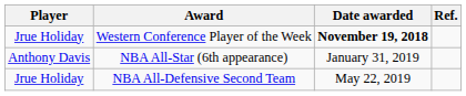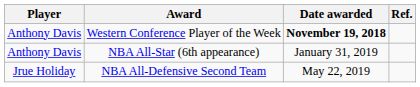 <table class="wikitable sortable sortable" style="text-align: center">
 <tr>
 <th>Player</th>
 <th>Award</th>
 <th>Date awarded</th>
 <th>Ref.</th>
 </tr>
 <tr>
-<td><a href='#'>Jrue Holiday</a></td>
+<td><a href='#'>Anthony Davis</a></td>
 <td><a href='#'>Western Conference</a> Player of the Week</td>
 <td><strong>November 19, 2018</strong></td>
 <td align=center></td>
 </tr>
 <tr>
 <td><a href='#'>Anthony Davis</a></td>
 <td><a href='#'>NBA All-Star</a> (6th appearance)</td>
 <td>January 31, 2019</td>
 <td align=center></td>
 </tr>
 <tr>
 <td><a href='#'>Jrue Holiday</a></td>
 <td><a href='#'>NBA All-Defensive Second Team</a></td>
 <td>May 22, 2019</td>
 <td align=center></td>
 </tr>
 </table>
